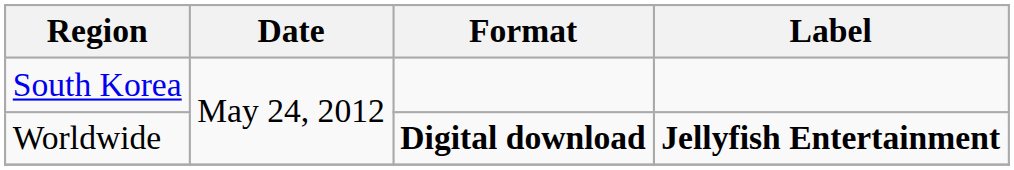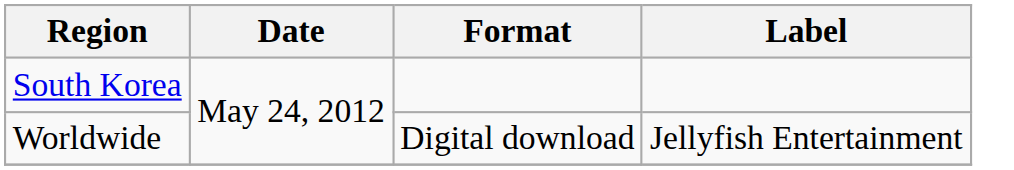 <table class = "wikitable">
 <tr>
 <th>Region</th>
 <th>Date</th>
 <th>Format</th>
 <th>Label</th>
 </tr>
 <tr>
 <td><a href='#'>South Korea</a></td>
 <td rowspan=2>May 24, 2012</td>
 <td></td>
 <td></td>
 </tr>
 <tr>
 <td>Worldwide</td>
-<td><strong>Digital download</strong></td>
-<td><strong>Jellyfish Entertainment</strong></td>
+<td>Digital download</td>
+<td>Jellyfish Entertainment</td>
 </tr>
 <tr>
 </tr>
 </table>
